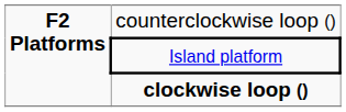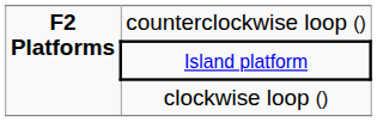 <table class="wikitable" border="0" cellspacing="0" cellpadding="3">
 <tr>
 <td style="border-bottom:solid 1px gray; border-top:solid 1px gray; text-align:center;" rowspan="4" valign=top><strong>F2<br>Platforms</strong></td>
 <td style="border-bottom:solid 1px gray; border-top:solid 1px gray;text-align:center;">  counterclockwise loop <small>()</small></td>
 </tr>
 <tr>
 <td style="border-right:solid 2px black; border-left:solid 2px black; border-top:solid 2px black; border-bottom:solid 2px black; text-align:center;" colspan=2><small><a href='#'>Island platform</a></small></td>
 </tr>
 <tr>
-<td style="border-bottom:solid 1px gray;text-align:center;"><strong> clockwise loop <small>()</small> </strong></td>
+<td style="border-bottom:solid 1px gray;text-align:center;"> clockwise loop <small>()</small> </td>
 </tr>
 </table>
